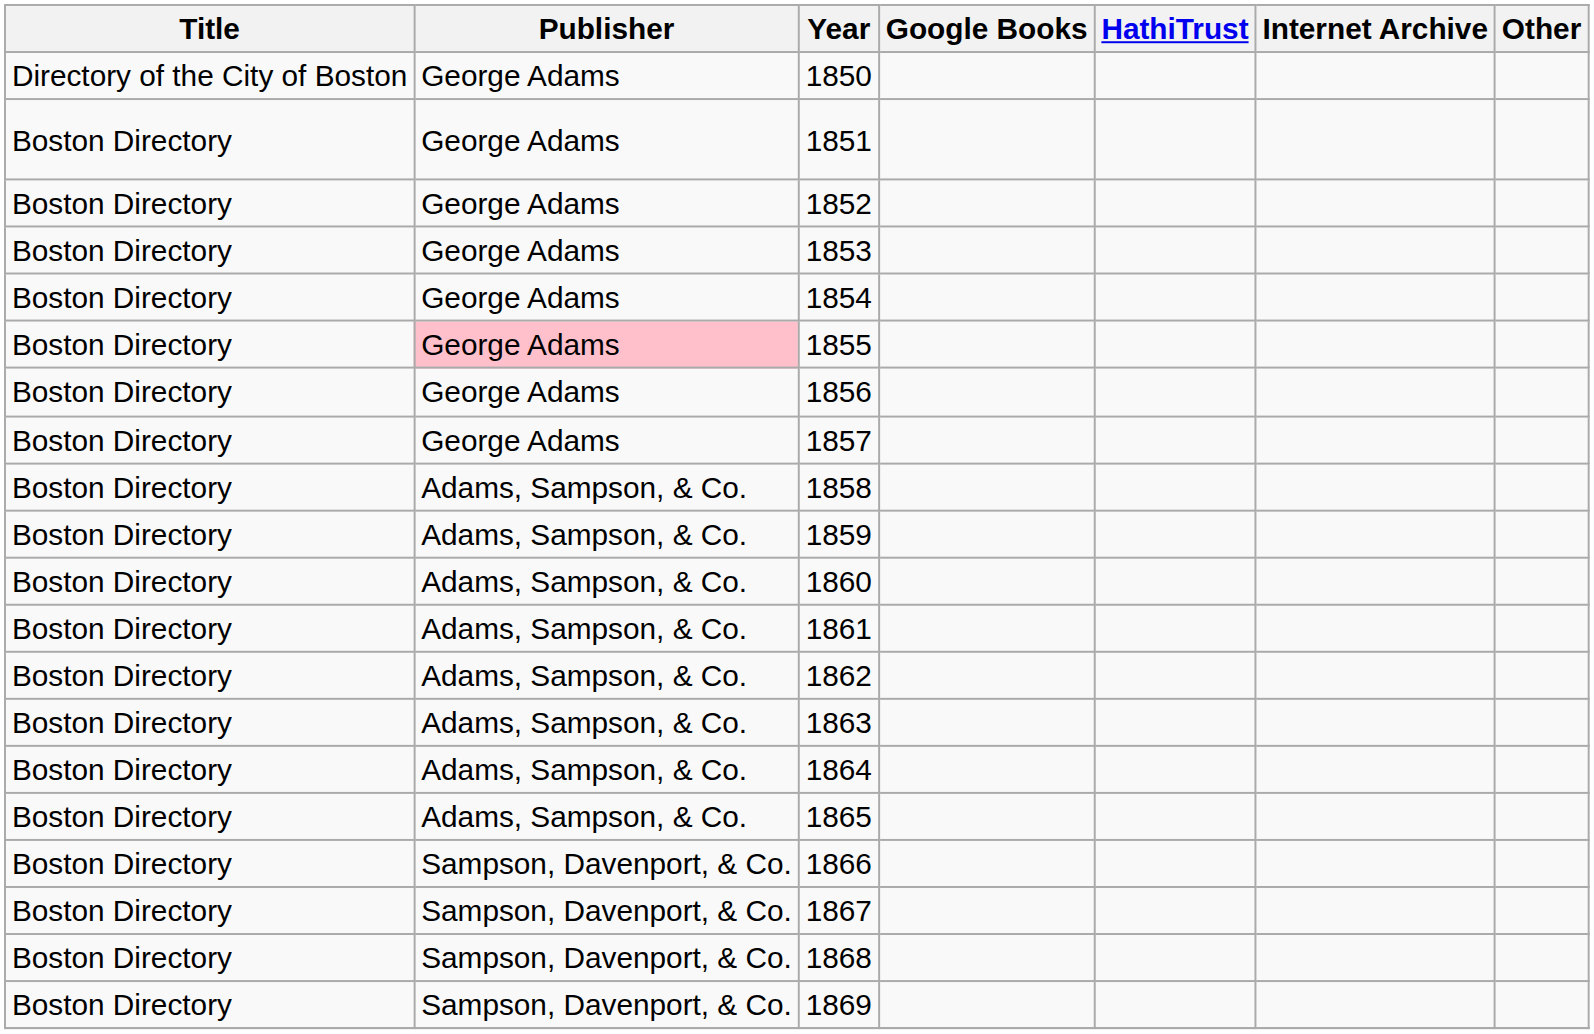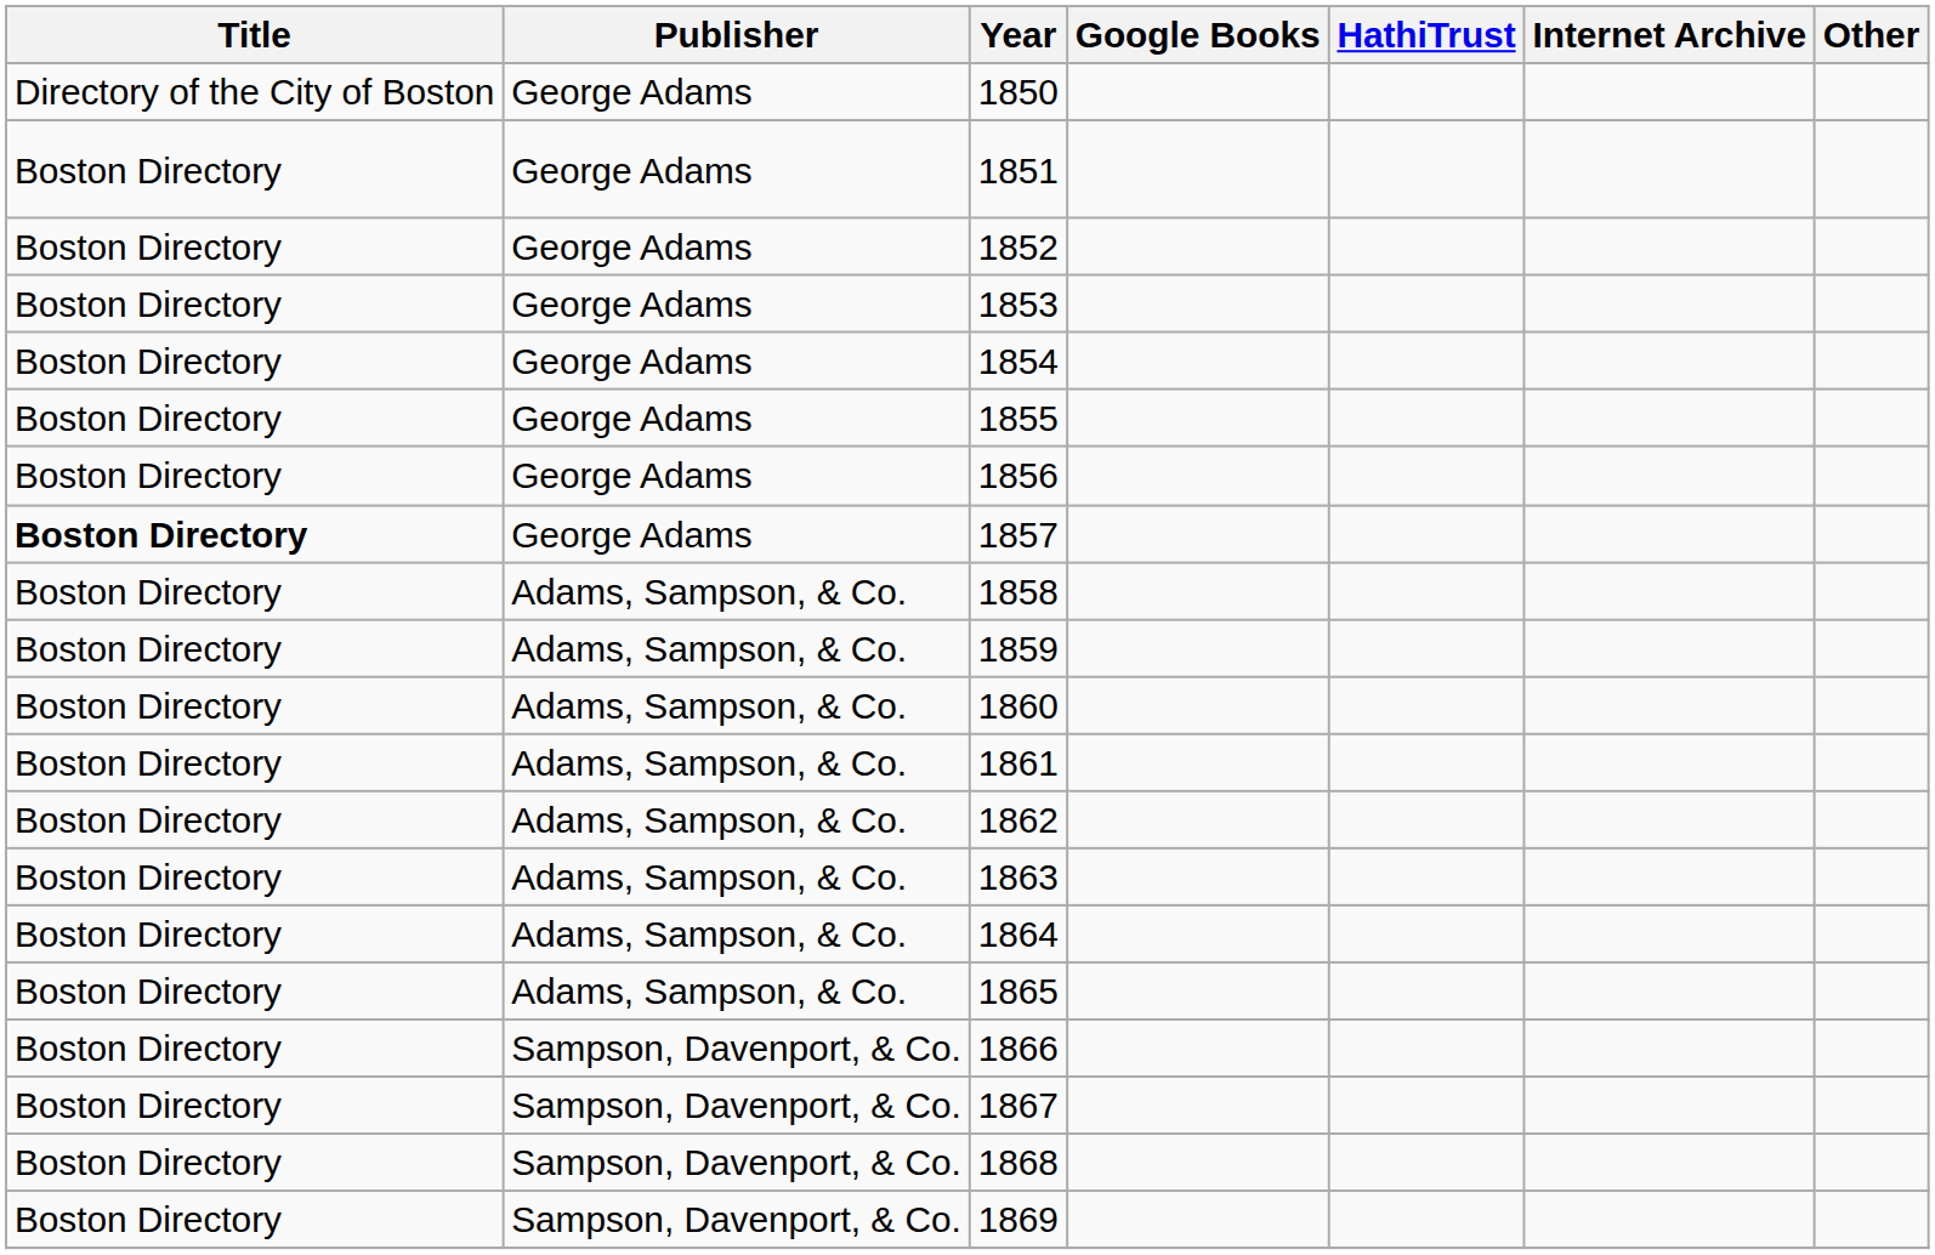 <table class="wikitable" style="font-size: 95%;">
 <tr>
 <th>Title</th>
 <th>Publisher</th>
 <th>Year</th>
 <th>Google Books</th>
 <th><a href='#'>HathiTrust</a></th>
 <th>Internet Archive</th>
 <th>Other</th>
 </tr>
 <tr>
 <td>Directory of the City of Boston</td>
 <td>George Adams</td>
 <td>1850</td>
 <td></td>
 <td></td>
 <td></td>
 <td></td>
 </tr>
 <tr>
 <td>Boston Directory</td>
 <td>George Adams</td>
 <td>1851</td>
 <td><br><br></td>
 <td></td>
 <td></td>
 <td></td>
 </tr>
 <tr>
 <td>Boston Directory</td>
 <td>George Adams</td>
 <td>1852</td>
 <td></td>
 <td></td>
 <td></td>
 <td></td>
 </tr>
 <tr>
 <td>Boston Directory</td>
 <td>George Adams</td>
 <td>1853</td>
 <td></td>
 <td></td>
 <td></td>
 <td></td>
 </tr>
 <tr>
 <td>Boston Directory</td>
 <td>George Adams</td>
 <td>1854</td>
 <td></td>
 <td></td>
 <td></td>
 <td></td>
 </tr>
 <tr>
 <td>Boston Directory</td>
-<td style="background: pink;">George Adams</td>
+<td>George Adams</td>
 <td>1855</td>
 <td></td>
 <td></td>
 <td></td>
 <td><br></td>
 </tr>
 <tr>
 <td>Boston Directory</td>
 <td>George Adams</td>
 <td>1856</td>
 <td></td>
 <td></td>
 <td></td>
 <td></td>
 </tr>
 <tr>
-<td>Boston Directory</td>
+<td><strong>Boston Directory</strong></td>
 <td>George Adams</td>
 <td>1857</td>
 <td></td>
 <td></td>
 <td></td>
 <td></td>
 </tr>
 <tr>
 <td>Boston Directory</td>
 <td>Adams, Sampson, & Co.</td>
 <td>1858</td>
 <td></td>
 <td></td>
 <td></td>
 <td></td>
 </tr>
 <tr>
 <td>Boston Directory</td>
 <td>Adams, Sampson, & Co.</td>
 <td>1859</td>
 <td></td>
 <td></td>
 <td></td>
 <td></td>
 </tr>
 <tr>
 <td>Boston Directory</td>
 <td>Adams, Sampson, & Co.</td>
 <td>1860</td>
 <td></td>
 <td></td>
 <td></td>
 <td></td>
 </tr>
 <tr>
 <td>Boston Directory</td>
 <td>Adams, Sampson, & Co.</td>
 <td>1861</td>
 <td></td>
 <td></td>
 <td></td>
 <td></td>
 </tr>
 <tr>
 <td>Boston Directory</td>
 <td>Adams, Sampson, & Co.</td>
 <td>1862</td>
 <td></td>
 <td></td>
 <td></td>
 <td></td>
 </tr>
 <tr>
 <td>Boston Directory</td>
 <td>Adams, Sampson, & Co.</td>
 <td>1863</td>
 <td></td>
 <td></td>
 <td></td>
 <td></td>
 </tr>
 <tr>
 <td>Boston Directory</td>
 <td>Adams, Sampson, & Co.</td>
 <td>1864</td>
 <td></td>
 <td></td>
 <td></td>
 <td></td>
 </tr>
 <tr>
 <td>Boston Directory</td>
 <td>Adams, Sampson, & Co.</td>
 <td>1865</td>
 <td></td>
 <td></td>
 <td></td>
 <td><br></td>
 </tr>
 <tr>
 <td>Boston Directory</td>
 <td>Sampson, Davenport, & Co.</td>
 <td>1866</td>
 <td></td>
 <td></td>
 <td></td>
 <td></td>
 </tr>
 <tr>
 <td>Boston Directory</td>
 <td>Sampson, Davenport, & Co.</td>
 <td>1867</td>
 <td></td>
 <td></td>
 <td></td>
 <td></td>
 </tr>
 <tr>
 <td>Boston Directory</td>
 <td>Sampson, Davenport, & Co.</td>
 <td>1868</td>
 <td></td>
 <td></td>
 <td></td>
 <td></td>
 </tr>
 <tr>
 <td>Boston Directory</td>
 <td>Sampson, Davenport, & Co.</td>
 <td>1869</td>
 <td></td>
 <td></td>
 <td></td>
 <td></td>
 </tr>
 <tr>
 </tr>
 </table>
